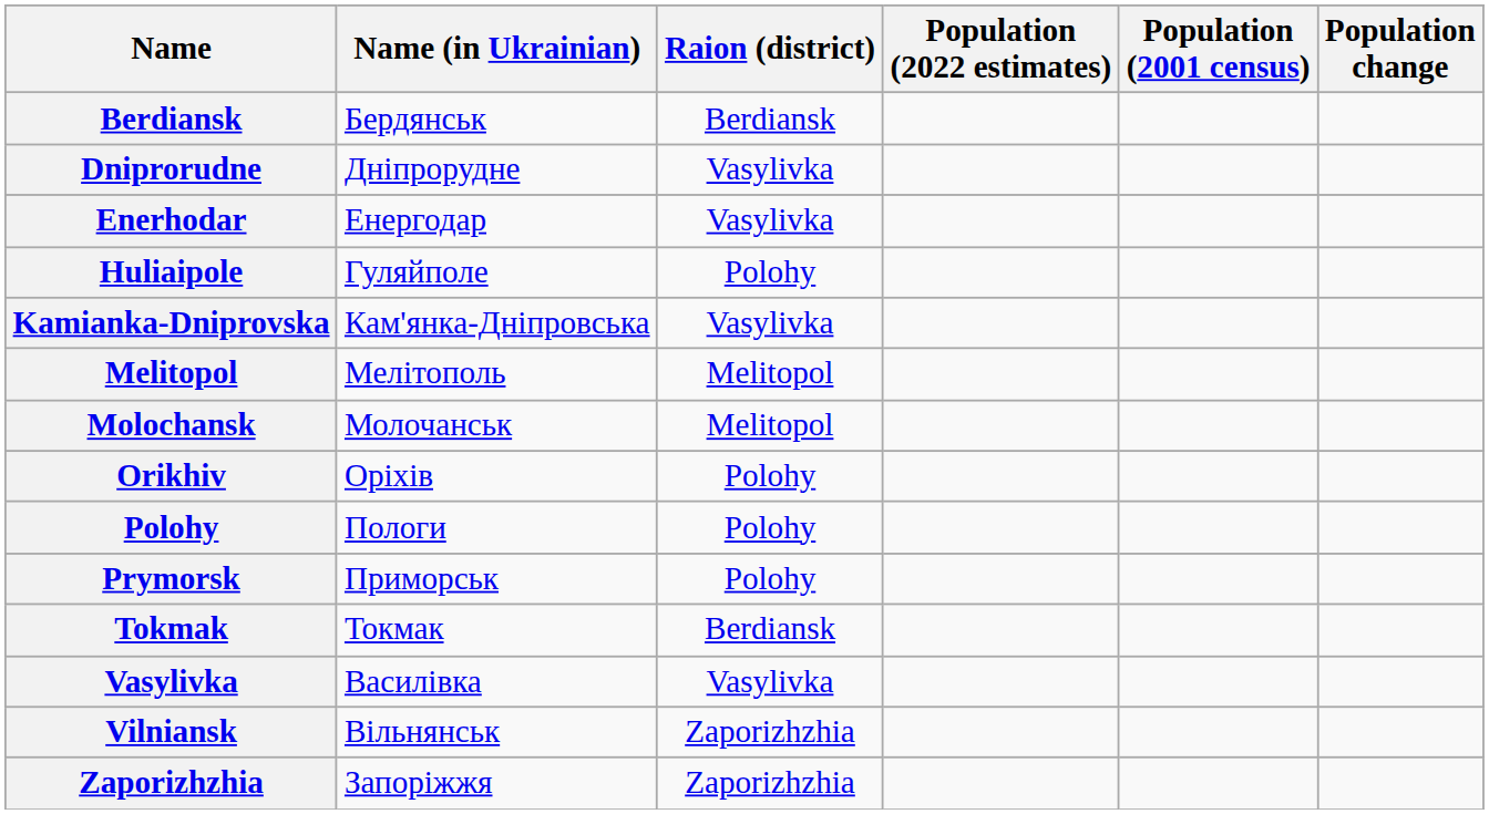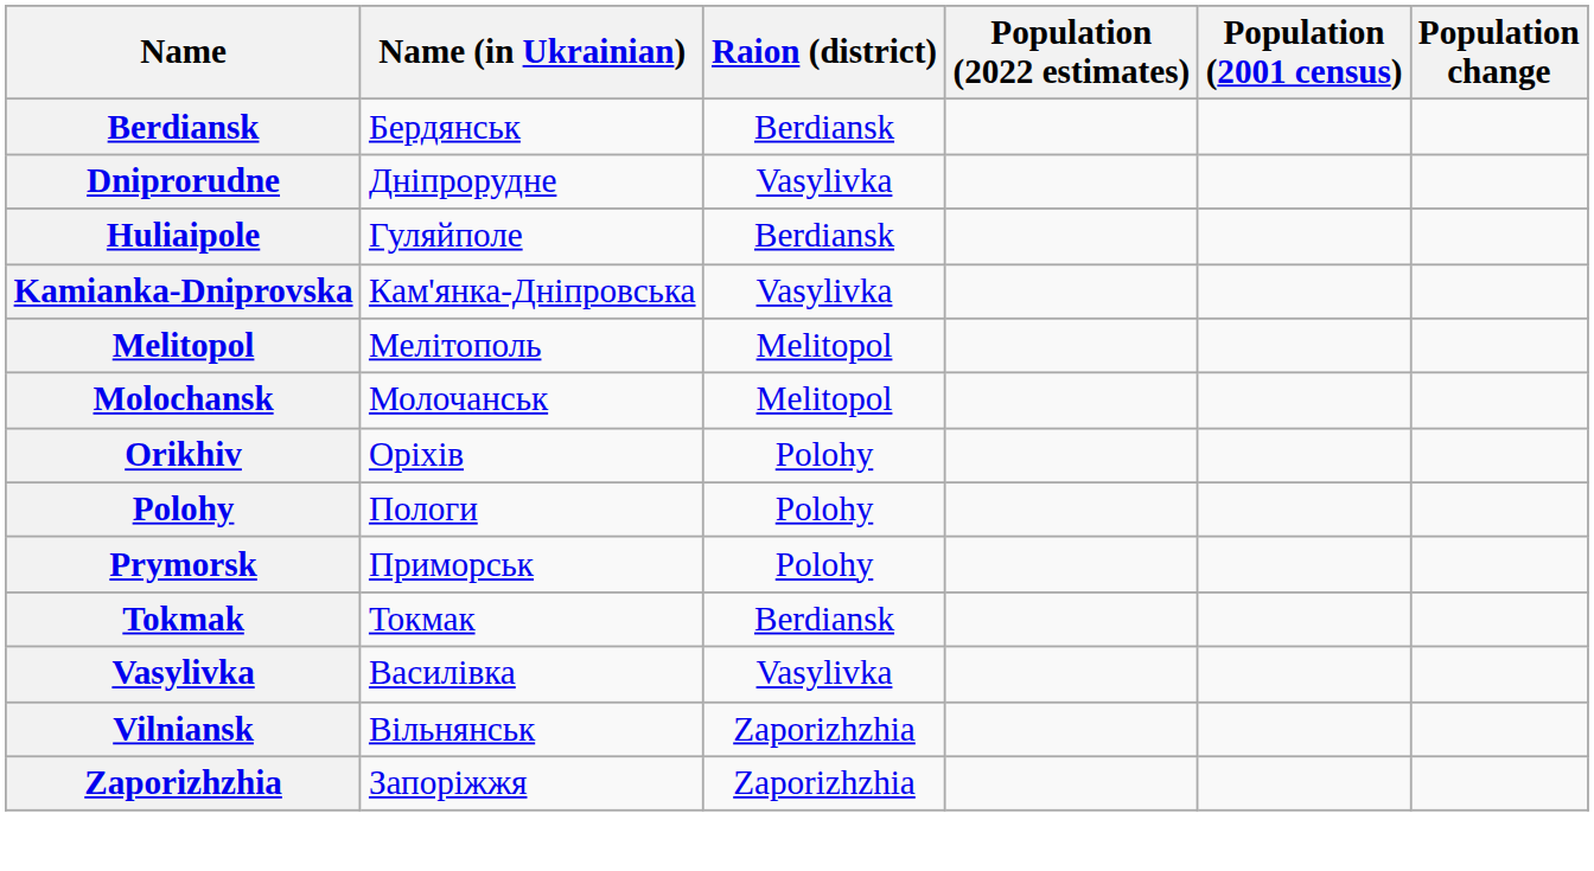 <table class="wikitable sortable" id="Table of cities" caption="Tabulated list of cities in ">
 <tr>
 <th scope="col">Name</th>
 <th scope="col">Name (in <a href='#'>Ukrainian</a>)</th>
 <th scope="col"><a href='#'>Raion</a> (district)</th>
 <th scope="col">Population<br>(2022 estimates)</th>
 <th scope="col">Population<br>(<a href='#'>2001 census</a>)</th>
 <th scope="col">Population<br>change</th>
 </tr>
 <tr>
 <th scope="row" align="left"><a href='#'>Berdiansk</a></th>
 <td><a href='#'>Бердянськ</a></td>
 <td align=center><a href='#'>Berdiansk</a></td>
 <td align=right></td>
 <td align=right></td>
 <td align=right></td>
 </tr>
 <tr>
 <th scope="row" align="left"><a href='#'>Dniprorudne</a></th>
 <td><a href='#'>Дніпрорудне</a></td>
 <td align=center><a href='#'>Vasylivka</a></td>
 <td align=right></td>
 <td align=right></td>
 <td align=right></td>
 </tr>
 <tr>
-<th scope="row" align="left"><a href='#'>Enerhodar</a></th>
-<td><a href='#'>Енергодар</a></td>
-<td align=center><a href='#'>Vasylivka</a></td>
-<td align=right></td>
-<td align=right></td>
-<td align=right></td>
-</tr>
-<tr>
 <th scope="row" align="left"><a href='#'>Huliaipole</a></th>
 <td><a href='#'>Гуляйполе</a></td>
-<td align=center><a href='#'>Polohy</a></td>
+<td align=center><a href='#'>Berdiansk</a></td>
 <td align=right></td>
 <td align=right></td>
 <td align=right></td>
 </tr>
 <tr>
 <th scope="row" align="left"><a href='#'>Kamianka-Dniprovska</a></th>
 <td><a href='#'>Кам'янка-Дніпровська</a></td>
 <td align=center><a href='#'>Vasylivka</a></td>
 <td align=right></td>
 <td align=right></td>
 <td align=right></td>
 </tr>
 <tr>
 <th scope="row" align="left"><a href='#'>Melitopol</a></th>
 <td><a href='#'>Мелітополь</a></td>
 <td align=center><a href='#'>Melitopol</a></td>
 <td align=right></td>
 <td align=right></td>
 <td align=right></td>
 </tr>
 <tr>
 <th scope="row" align="left"><a href='#'>Molochansk</a></th>
 <td><a href='#'>Молочанськ</a></td>
 <td align=center><a href='#'>Melitopol</a></td>
 <td align=right></td>
 <td align=right></td>
 <td align=right></td>
 </tr>
 <tr>
 <th scope="row" align="left"><a href='#'>Orikhiv</a></th>
 <td><a href='#'>Оріхів</a></td>
 <td align=center><a href='#'>Polohy</a></td>
 <td align=right></td>
 <td align=right></td>
 <td align=right></td>
 </tr>
 <tr>
 <th scope="row" align="left"><a href='#'>Polohy</a></th>
 <td><a href='#'>Пологи</a></td>
 <td align=center><a href='#'>Polohy</a></td>
 <td align=right></td>
 <td align=right></td>
 <td align=right></td>
 </tr>
 <tr>
 <th scope="row" align="left"><a href='#'>Prymorsk</a></th>
 <td><a href='#'>Приморськ</a></td>
 <td align=center><a href='#'>Polohy</a></td>
 <td align=right></td>
 <td align=right></td>
 <td align=right></td>
 </tr>
 <tr>
 <th scope="row" align="left"><a href='#'>Tokmak</a></th>
 <td><a href='#'>Токмак</a></td>
 <td align=center><a href='#'>Berdiansk</a></td>
 <td align=right></td>
 <td align=right></td>
 <td align=right></td>
 </tr>
 <tr>
 <th scope="row" align="left"><a href='#'>Vasylivka</a></th>
 <td><a href='#'>Василівка</a></td>
 <td align=center><a href='#'>Vasylivka</a></td>
 <td align=right></td>
 <td align=right></td>
 <td align=right></td>
 </tr>
 <tr>
 <th scope="row" align="left"><a href='#'>Vilniansk</a></th>
 <td><a href='#'>Вільнянськ</a></td>
 <td align=center><a href='#'>Zaporizhzhia</a></td>
 <td align=right></td>
 <td align=right></td>
 <td align=right></td>
 </tr>
 <tr>
 <th scope="row" align="left"><a href='#'>Zaporizhzhia</a></th>
 <td><a href='#'>Запоріжжя</a></td>
 <td align=center><a href='#'>Zaporizhzhia</a></td>
 <td align=right></td>
 <td align=right></td>
 <td align=right></td>
 </tr>
 </table>
